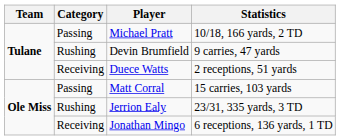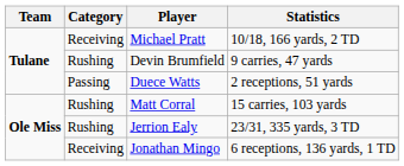 <table class="wikitable" style="float: right;">
 <tr>
 <th>Team</th>
 <th>Category</th>
 <th>Player</th>
 <th>Statistics</th>
 </tr>
 <tr>
 <td rowspan=3><strong>Tulane</strong></td>
-<td>Passing</td>
+<td>Receiving</td>
 <td><a href='#'>Michael Pratt</a></td>
 <td>10/18, 166 yards, 2 TD</td>
 </tr>
 <tr>
 <td>Rushing</td>
 <td>Devin Brumfield</td>
 <td>9 carries, 47 yards</td>
 </tr>
 <tr>
-<td>Receiving</td>
+<td>Passing</td>
 <td><a href='#'>Duece Watts</a></td>
 <td>2 receptions, 51 yards</td>
 </tr>
 <tr>
 <td rowspan=3><strong>Ole Miss</strong></td>
-<td>Passing</td>
+<td>Rushing</td>
 <td><a href='#'>Matt Corral</a></td>
 <td>15 carries, 103 yards</td>
 </tr>
 <tr>
 <td>Rushing</td>
 <td><a href='#'>Jerrion Ealy</a></td>
 <td>23/31, 335 yards, 3 TD</td>
 </tr>
 <tr>
 <td>Receiving</td>
 <td><a href='#'>Jonathan Mingo</a></td>
 <td>6 receptions, 136 yards, 1 TD</td>
 </tr>
 </table>
